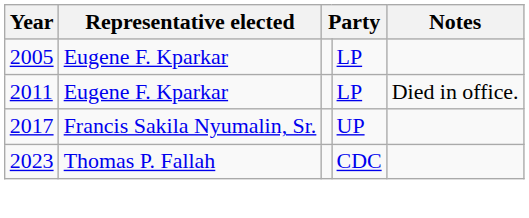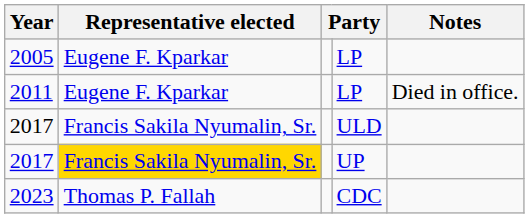 <table class="wikitable">
 <tr>
 <th>Year</th>
 <th>Representative elected</th>
 <th colspan=2>Party</th>
 <th>Notes</th>
 </tr>
 <tr>
 <td><a href='#'>2005</a></td>
 <td><a href='#'>Eugene F. Kparkar</a></td>
 <td></td>
 <td><a href='#'>LP</a></td>
 <td></td>
 </tr>
 <tr>
 <td><a href='#'>2011</a></td>
 <td><a href='#'>Eugene F. Kparkar</a></td>
 <td></td>
 <td><a href='#'>LP</a></td>
 <td>Died in office.</td>
 </tr>
 <tr>
+<td>2017</td>
+<td><a href='#'>Francis Sakila Nyumalin, Sr.</a></td>
+<td></td>
+<td><a href='#'>ULD</a></td>
+<td></td>
+</tr>
+<tr>
 <td><a href='#'>2017</a></td>
-<td><a href='#'>Francis Sakila Nyumalin, Sr.</a></td>
+<td style="background: gold;"><a href='#'>Francis Sakila Nyumalin, Sr.</a></td>
 <td></td>
 <td><a href='#'>UP</a></td>
 <td></td>
 </tr>
 <tr>
 <td><a href='#'>2023</a></td>
 <td><a href='#'>Thomas P. Fallah</a></td>
 <td></td>
 <td><a href='#'>CDC</a></td>
 <td></td>
 </tr>
 </table>
